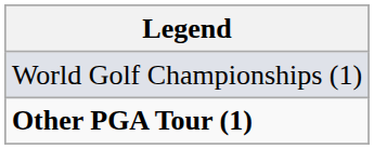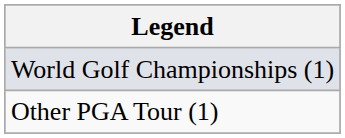 <table class="wikitable" style="font-size:95%;">
 <tr>
 <th>Legend</th>
 </tr>
 <tr style="background:#dfe2e9;">
 <td>World Golf Championships (1)</td>
 </tr>
 <tr>
-<td><strong>Other PGA Tour (1)</strong></td>
+<td>Other PGA Tour (1)</td>
 </tr>
 </table>
